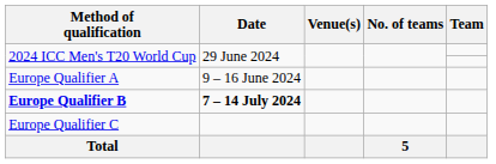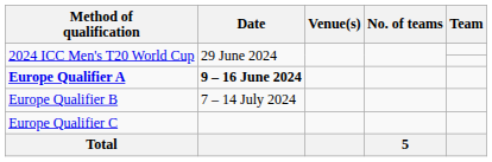 <table class="wikitable sortable">
 <tr>
 <th scope="col">Method of<br>qualification</th>
 <th>Date</th>
 <th>Venue(s)</th>
 <th>No. of teams</th>
 <th>Team</th>
 </tr>
 <tr>
 <td rowspan="2"><a href='#'>2024 ICC Men's T20 World Cup</a></td>
 <td rowspan="2">29 June 2024</td>
 <td rowspan="2"><br></td>
 <td rowspan="2"></td>
 <td></td>
 </tr>
 <tr>
 <td></td>
 </tr>
 <tr>
-<td><a href='#'>Europe Qualifier A</a></td>
-<td>9 – 16 June 2024</td>
+<td><strong><a href='#'>Europe Qualifier A</a></strong></td>
+<td><strong>9 – 16 June 2024</strong></td>
 <td></td>
 <td></td>
 <td></td>
 </tr>
 <tr>
-<td><strong><a href='#'>Europe Qualifier B</a></strong></td>
-<td><strong>7 – 14 July 2024</strong></td>
+<td><a href='#'>Europe Qualifier B</a></td>
+<td>7 – 14 July 2024</td>
 <td></td>
 <td></td>
 <td></td>
 </tr>
 <tr>
 <td><a href='#'>Europe Qualifier C</a></td>
 <td></td>
 <td></td>
 <td></td>
 <td></td>
 </tr>
 <tr class=sortbottom>
 <th>Total</th>
 <th></th>
 <th></th>
 <th>5</th>
 <th></th>
 </tr>
 </table>
